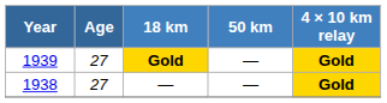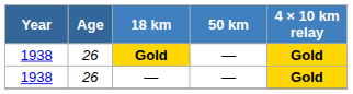 <table class="wikitable" style="font-size:95%; text-align:center; border:grey solid 1px; border-collapse:collapse; background:#ffffff;">
 <tr>
 <th style="background-color:#369; color:white; width:60px;"> Year </th>
 <th style="background-color:#369; color:white; width:40px;"> Age </th>
 <th style="background-color:#4180be; color:white; width:75px;"> 18 km </th>
 <th style="background-color:#4180be; color:white; width:75px;"> 50 km </th>
 <th style="background-color:#4180be; color:white; width:75px;"> 4 × 10 km <br> relay </th>
 </tr>
 <tr>
-<td><a href='#'>1939</a></td>
-<td><em>27</em></td>
+<td><a href='#'>1938</a></td>
+<td><em>26</em></td>
 <td style="background:gold;"><strong>Gold</strong></td>
 <td>—</td>
 <td style="background:gold;"><strong>Gold</strong></td>
 </tr>
 <tr>
 <td><a href='#'>1938</a></td>
-<td><em>27</em></td>
+<td><em>26</em></td>
 <td>—</td>
 <td>—</td>
 <td style="background:gold;"><strong>Gold</strong></td>
 </tr>
 <tr>
 </tr>
 </table>
